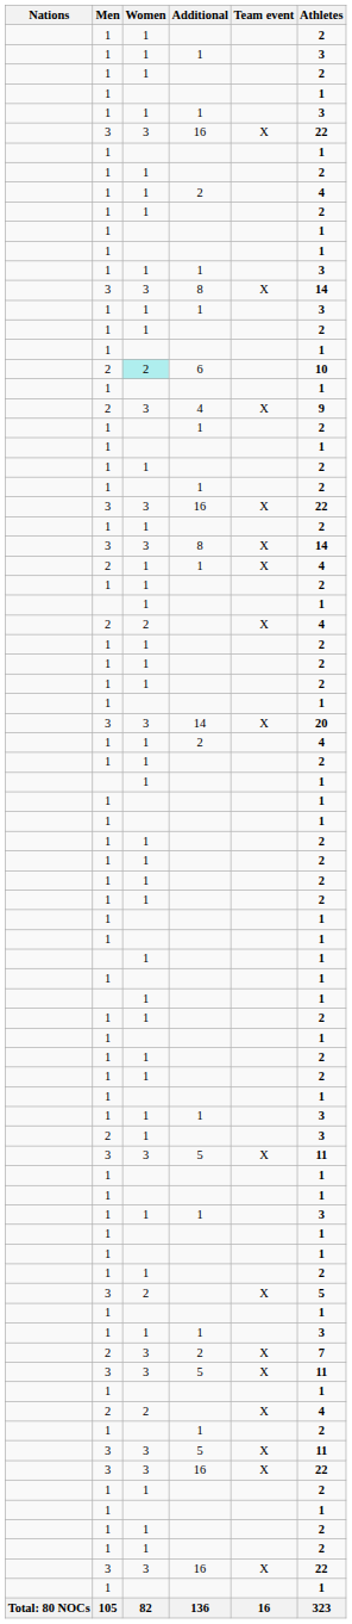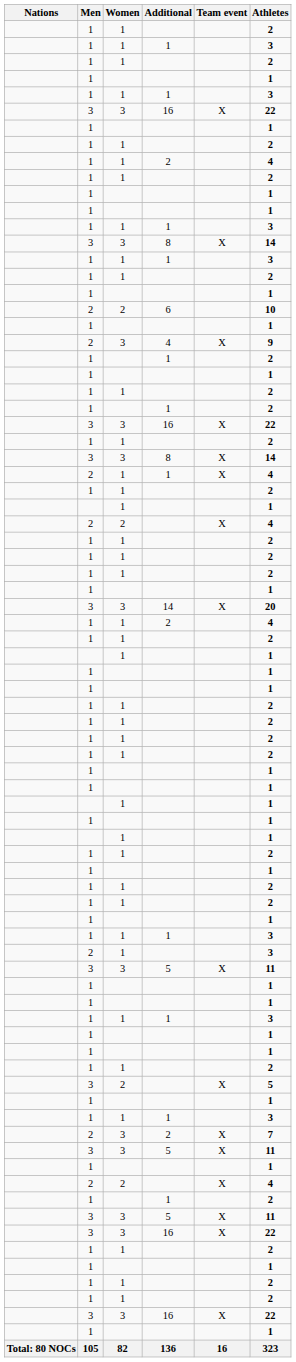 <table class="wikitable sortable" style="text-align:center;">
 <tr>
 <th>Nations</th>
 <th>Men</th>
 <th>Women</th>
 <th>Additional</th>
 <th>Team event</th>
 <th>Athletes</th>
 </tr>
 <tr>
 <td align="left"></td>
 <td>1</td>
 <td>1</td>
 <td></td>
 <td></td>
 <td><strong>2</strong></td>
 </tr>
 <tr>
 <td align="left"></td>
 <td>1</td>
 <td>1</td>
 <td>1</td>
 <td></td>
 <td><strong>3</strong></td>
 </tr>
 <tr>
 <td align="left"></td>
 <td>1</td>
 <td>1</td>
 <td></td>
 <td></td>
 <td><strong>2</strong></td>
 </tr>
 <tr>
 <td align="left"></td>
 <td>1</td>
 <td></td>
 <td></td>
 <td></td>
 <td><strong>1</strong></td>
 </tr>
 <tr>
 <td align="left"></td>
 <td>1</td>
 <td>1</td>
 <td>1</td>
 <td></td>
 <td><strong>3</strong></td>
 </tr>
 <tr>
 <td align="left"></td>
 <td>3</td>
 <td>3</td>
 <td>16</td>
 <td>X</td>
 <td><strong>22</strong></td>
 </tr>
 <tr>
 <td align="left"></td>
 <td>1</td>
 <td></td>
 <td></td>
 <td></td>
 <td><strong>1</strong></td>
 </tr>
 <tr>
 <td align="left"></td>
 <td>1</td>
 <td>1</td>
 <td></td>
 <td></td>
 <td><strong>2</strong></td>
 </tr>
 <tr>
 <td align="left"></td>
 <td>1</td>
 <td>1</td>
 <td>2</td>
 <td></td>
 <td><strong>4</strong></td>
 </tr>
 <tr>
 <td align="left"></td>
 <td>1</td>
 <td>1</td>
 <td></td>
 <td></td>
 <td><strong>2</strong></td>
 </tr>
 <tr>
 <td align="left"></td>
 <td>1</td>
 <td></td>
 <td></td>
 <td></td>
 <td><strong>1</strong></td>
 </tr>
 <tr>
 <td align="left"></td>
 <td>1</td>
 <td></td>
 <td></td>
 <td></td>
 <td><strong>1</strong></td>
 </tr>
 <tr>
 <td align="left"></td>
 <td>1</td>
 <td>1</td>
 <td>1</td>
 <td></td>
 <td><strong>3</strong></td>
 </tr>
 <tr>
 <td align="left"></td>
 <td>3</td>
 <td>3</td>
 <td>8</td>
 <td>X</td>
 <td><strong>14</strong></td>
 </tr>
 <tr>
 <td align="left"></td>
 <td>1</td>
 <td>1</td>
 <td>1</td>
 <td></td>
 <td><strong>3</strong></td>
 </tr>
 <tr>
 <td align="left"></td>
 <td>1</td>
 <td>1</td>
 <td></td>
 <td></td>
 <td><strong>2</strong></td>
 </tr>
 <tr>
 <td align="left"></td>
 <td>1</td>
 <td></td>
 <td></td>
 <td></td>
 <td><strong>1</strong></td>
 </tr>
 <tr>
 <td align="left"></td>
 <td>2</td>
-<td style="background: paleturquoise;">2</td>
+<td>2</td>
 <td>6</td>
 <td></td>
 <td><strong>10</strong></td>
 </tr>
 <tr>
 <td align="left"></td>
 <td>1</td>
 <td></td>
 <td></td>
 <td></td>
 <td><strong>1</strong></td>
 </tr>
 <tr>
 <td align="left"></td>
 <td>2</td>
 <td>3</td>
 <td>4</td>
 <td>X</td>
 <td><strong>9</strong></td>
 </tr>
 <tr>
 <td align="left"></td>
 <td>1</td>
 <td></td>
 <td>1</td>
 <td></td>
 <td><strong>2</strong></td>
 </tr>
 <tr>
 <td align="left"></td>
 <td>1</td>
 <td></td>
 <td></td>
 <td></td>
 <td><strong>1</strong></td>
 </tr>
 <tr>
 <td align="left"></td>
 <td>1</td>
 <td>1</td>
 <td></td>
 <td></td>
 <td><strong>2</strong></td>
 </tr>
 <tr>
 <td align="left"></td>
 <td>1</td>
 <td></td>
 <td>1</td>
 <td></td>
 <td><strong>2</strong></td>
 </tr>
 <tr>
 <td align="left"></td>
 <td>3</td>
 <td>3</td>
 <td>16</td>
 <td>X</td>
 <td><strong>22</strong></td>
 </tr>
 <tr>
 <td align="left"></td>
 <td>1</td>
 <td>1</td>
 <td></td>
 <td></td>
 <td><strong>2</strong></td>
 </tr>
 <tr>
 <td align="left"></td>
 <td>3</td>
 <td>3</td>
 <td>8</td>
 <td>X</td>
 <td><strong>14</strong></td>
 </tr>
 <tr>
 <td align="left"></td>
 <td>2</td>
 <td>1</td>
 <td>1</td>
 <td>X</td>
 <td><strong>4</strong></td>
 </tr>
 <tr>
 <td align="left"></td>
 <td>1</td>
 <td>1</td>
 <td></td>
 <td></td>
 <td><strong>2</strong></td>
 </tr>
 <tr>
 <td align="left"></td>
 <td></td>
 <td>1</td>
 <td></td>
 <td></td>
 <td><strong>1</strong></td>
 </tr>
 <tr>
 <td align="left"></td>
 <td>2</td>
 <td>2</td>
 <td></td>
 <td>X</td>
 <td><strong>4</strong></td>
 </tr>
 <tr>
 <td align="left"></td>
 <td>1</td>
 <td>1</td>
 <td></td>
 <td></td>
 <td><strong>2</strong></td>
 </tr>
 <tr>
 <td align="left"></td>
 <td>1</td>
 <td>1</td>
 <td></td>
 <td></td>
 <td><strong>2</strong></td>
 </tr>
 <tr>
 <td align="left"></td>
 <td>1</td>
 <td>1</td>
 <td></td>
 <td></td>
 <td><strong>2</strong></td>
 </tr>
 <tr>
 <td align="left"></td>
 <td>1</td>
 <td></td>
 <td></td>
 <td></td>
 <td><strong>1</strong></td>
 </tr>
 <tr>
 <td align="left"></td>
 <td>3</td>
 <td>3</td>
 <td>14</td>
 <td>X</td>
 <td><strong>20</strong></td>
 </tr>
 <tr>
 <td align="left"></td>
 <td>1</td>
 <td>1</td>
 <td>2</td>
 <td></td>
 <td><strong>4</strong></td>
 </tr>
 <tr>
 <td align="left"></td>
 <td>1</td>
 <td>1</td>
 <td></td>
 <td></td>
 <td><strong>2</strong></td>
 </tr>
 <tr>
 <td align="left"></td>
 <td></td>
 <td>1</td>
 <td></td>
 <td></td>
 <td><strong>1</strong></td>
 </tr>
 <tr>
 <td align="left"></td>
 <td>1</td>
 <td></td>
 <td></td>
 <td></td>
 <td><strong>1</strong></td>
 </tr>
 <tr>
 <td align="left"></td>
 <td>1</td>
 <td></td>
 <td></td>
 <td></td>
 <td><strong>1</strong></td>
 </tr>
 <tr>
 <td align="left"></td>
 <td>1</td>
 <td>1</td>
 <td></td>
 <td></td>
 <td><strong>2</strong></td>
 </tr>
 <tr>
 <td align="left"></td>
 <td>1</td>
 <td>1</td>
 <td></td>
 <td></td>
 <td><strong>2</strong></td>
 </tr>
 <tr>
 <td align="left"></td>
 <td>1</td>
 <td>1</td>
 <td></td>
 <td></td>
 <td><strong>2</strong></td>
 </tr>
 <tr>
 <td align="left"></td>
 <td>1</td>
 <td>1</td>
 <td></td>
 <td></td>
 <td><strong>2</strong></td>
 </tr>
 <tr>
 <td align="left"></td>
 <td>1</td>
 <td></td>
 <td></td>
 <td></td>
 <td><strong>1</strong></td>
 </tr>
 <tr>
 <td align="left"></td>
 <td>1</td>
 <td></td>
 <td></td>
 <td></td>
 <td><strong>1</strong></td>
 </tr>
 <tr>
 <td align="left"></td>
 <td></td>
 <td>1</td>
 <td></td>
 <td></td>
 <td><strong>1</strong></td>
 </tr>
 <tr>
 <td align="left"></td>
 <td>1</td>
 <td></td>
 <td></td>
 <td></td>
 <td><strong>1</strong></td>
 </tr>
 <tr>
 <td align="left"></td>
 <td></td>
 <td>1</td>
 <td></td>
 <td></td>
 <td><strong>1</strong></td>
 </tr>
 <tr>
 <td align="left"></td>
 <td>1</td>
 <td>1</td>
 <td></td>
 <td></td>
 <td><strong>2</strong></td>
 </tr>
 <tr>
 <td align="left"></td>
 <td>1</td>
 <td></td>
 <td></td>
 <td></td>
 <td><strong>1</strong></td>
 </tr>
 <tr>
 <td align="left"></td>
 <td>1</td>
 <td>1</td>
 <td></td>
 <td></td>
 <td><strong>2</strong></td>
 </tr>
 <tr>
 <td align="left"></td>
 <td>1</td>
 <td>1</td>
 <td></td>
 <td></td>
 <td><strong>2</strong></td>
 </tr>
 <tr>
 <td align="left"></td>
 <td>1</td>
 <td></td>
 <td></td>
 <td></td>
 <td><strong>1</strong></td>
 </tr>
 <tr>
 <td align="left"></td>
 <td>1</td>
 <td>1</td>
 <td>1</td>
 <td></td>
 <td><strong>3</strong></td>
 </tr>
 <tr>
 <td align="left"></td>
 <td>2</td>
 <td>1</td>
 <td></td>
 <td></td>
 <td><strong>3</strong></td>
 </tr>
 <tr>
 <td align="left"></td>
 <td>3</td>
 <td>3</td>
 <td>5</td>
 <td>X</td>
 <td><strong>11</strong></td>
 </tr>
 <tr>
 <td align="left"></td>
 <td>1</td>
 <td></td>
 <td></td>
 <td></td>
 <td><strong>1</strong></td>
 </tr>
 <tr>
 <td align="left"></td>
 <td>1</td>
 <td></td>
 <td></td>
 <td></td>
 <td><strong>1</strong></td>
 </tr>
 <tr>
 <td align="left"></td>
 <td>1</td>
 <td>1</td>
 <td>1</td>
 <td></td>
 <td><strong>3</strong></td>
 </tr>
 <tr>
 <td align="left"></td>
 <td>1</td>
 <td></td>
 <td></td>
 <td></td>
 <td><strong>1</strong></td>
 </tr>
 <tr>
 <td align="left"></td>
 <td>1</td>
 <td></td>
 <td></td>
 <td></td>
 <td><strong>1</strong></td>
 </tr>
 <tr>
 <td align="left"></td>
 <td>1</td>
 <td>1</td>
 <td></td>
 <td></td>
 <td><strong>2</strong></td>
 </tr>
 <tr>
 <td align="left"></td>
 <td>3</td>
 <td>2</td>
 <td></td>
 <td>X</td>
 <td><strong>5</strong></td>
 </tr>
 <tr>
 <td align="left"></td>
 <td>1</td>
 <td></td>
 <td></td>
 <td></td>
 <td><strong>1</strong></td>
 </tr>
 <tr>
 <td align="left"></td>
 <td>1</td>
 <td>1</td>
 <td>1</td>
 <td></td>
 <td><strong>3</strong></td>
 </tr>
 <tr>
 <td align="left"></td>
 <td>2</td>
 <td>3</td>
 <td>2</td>
 <td>X</td>
 <td><strong>7</strong></td>
 </tr>
 <tr>
 <td align="left"></td>
 <td>3</td>
 <td>3</td>
 <td>5</td>
 <td>X</td>
 <td><strong>11</strong></td>
 </tr>
 <tr>
 <td align="left"></td>
 <td>1</td>
 <td></td>
 <td></td>
 <td></td>
 <td><strong>1</strong></td>
 </tr>
 <tr>
 <td align="left"></td>
 <td>2</td>
 <td>2</td>
 <td></td>
 <td>X</td>
 <td><strong>4</strong></td>
 </tr>
 <tr>
 <td align="left"></td>
 <td>1</td>
 <td></td>
 <td>1</td>
 <td></td>
 <td><strong>2</strong></td>
 </tr>
 <tr>
 <td align="left"></td>
 <td>3</td>
 <td>3</td>
 <td>5</td>
 <td>X</td>
 <td><strong>11</strong></td>
 </tr>
 <tr>
 <td align="left"></td>
 <td>3</td>
 <td>3</td>
 <td>16</td>
 <td>X</td>
 <td><strong>22</strong></td>
 </tr>
 <tr>
 <td align="left"></td>
 <td>1</td>
 <td>1</td>
 <td></td>
 <td></td>
 <td><strong>2</strong></td>
 </tr>
 <tr>
 <td align="left"></td>
 <td>1</td>
 <td></td>
 <td></td>
 <td></td>
 <td><strong>1</strong></td>
 </tr>
 <tr>
 <td align="left"></td>
 <td>1</td>
 <td>1</td>
 <td></td>
 <td></td>
 <td><strong>2</strong></td>
 </tr>
 <tr>
 <td align="left"></td>
 <td>1</td>
 <td>1</td>
 <td></td>
 <td></td>
 <td><strong>2</strong></td>
 </tr>
 <tr>
 <td align="left"></td>
 <td>3</td>
 <td>3</td>
 <td>16</td>
 <td>X</td>
 <td><strong>22</strong></td>
 </tr>
 <tr>
 <td align="left"></td>
 <td>1</td>
 <td></td>
 <td></td>
 <td></td>
 <td><strong>1</strong></td>
 </tr>
 <tr>
 <th>Total: 80 NOCs</th>
 <th>105</th>
 <th>82</th>
 <th>136</th>
 <th>16</th>
 <th>323</th>
 </tr>
 </table>
